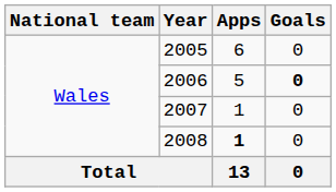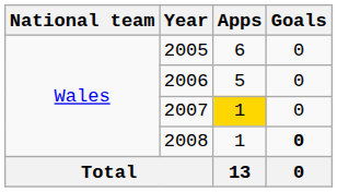 <table class="wikitable" style="text-align:center">
 <tr>
 <th>National team</th>
 <th>Year</th>
 <th>Apps</th>
 <th>Goals</th>
 </tr>
 <tr>
 <td rowspan="4"><a href='#'>Wales</a></td>
 <td>2005</td>
 <td>6</td>
 <td>0</td>
 </tr>
 <tr>
 <td>2006</td>
 <td>5</td>
-<td><strong>0</strong></td>
+<td>0</td>
 </tr>
 <tr>
 <td>2007</td>
-<td>1</td>
+<td style="background: gold;">1</td>
 <td>0</td>
 </tr>
 <tr>
 <td>2008</td>
-<td><strong>1</strong></td>
-<td>0</td>
+<td>1</td>
+<td><strong>0</strong></td>
 </tr>
 <tr>
 <th colspan="2">Total</th>
 <th>13</th>
 <th>0</th>
 </tr>
 </table>
